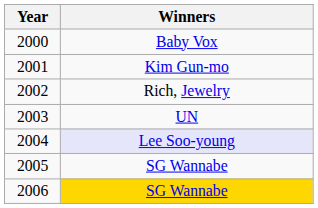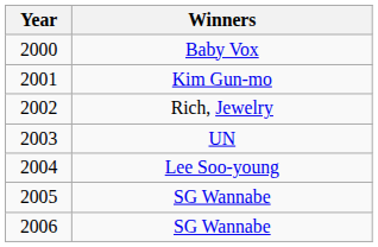 <table class="wikitable" style="text-align:center;">
 <tr>
 <th width="50">Year</th>
 <th width="250">Winners</th>
 </tr>
 <tr>
 <td>2000</td>
 <td><a href='#'>Baby Vox</a></td>
 </tr>
 <tr>
 <td>2001</td>
 <td><a href='#'>Kim Gun-mo</a></td>
 </tr>
 <tr>
 <td>2002</td>
 <td>Rich, <a href='#'>Jewelry</a></td>
 </tr>
 <tr>
 <td>2003</td>
 <td><a href='#'>UN</a></td>
 </tr>
 <tr>
 <td>2004</td>
-<td style="background: lavender;"><a href='#'>Lee Soo-young</a></td>
+<td><a href='#'>Lee Soo-young</a></td>
 </tr>
 <tr>
 <td>2005</td>
 <td><a href='#'>SG Wannabe</a></td>
 </tr>
 <tr>
 <td>2006</td>
-<td style="background: gold;"><a href='#'>SG Wannabe</a></td>
+<td><a href='#'>SG Wannabe</a></td>
 </tr>
 </table>
